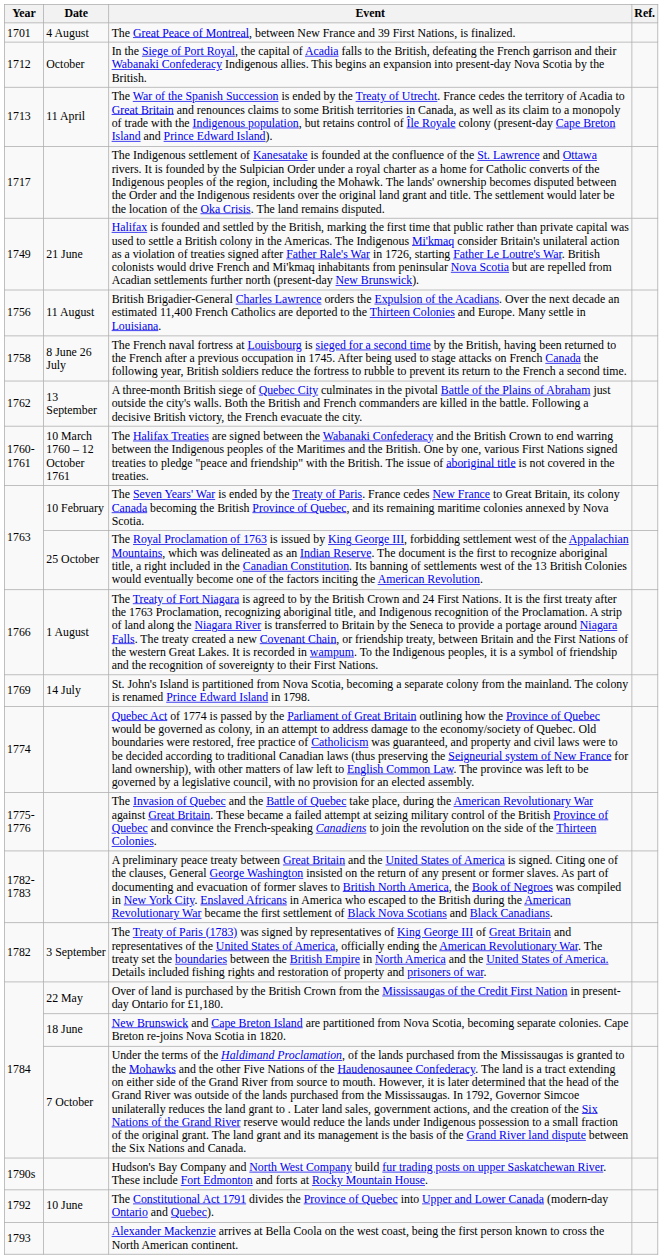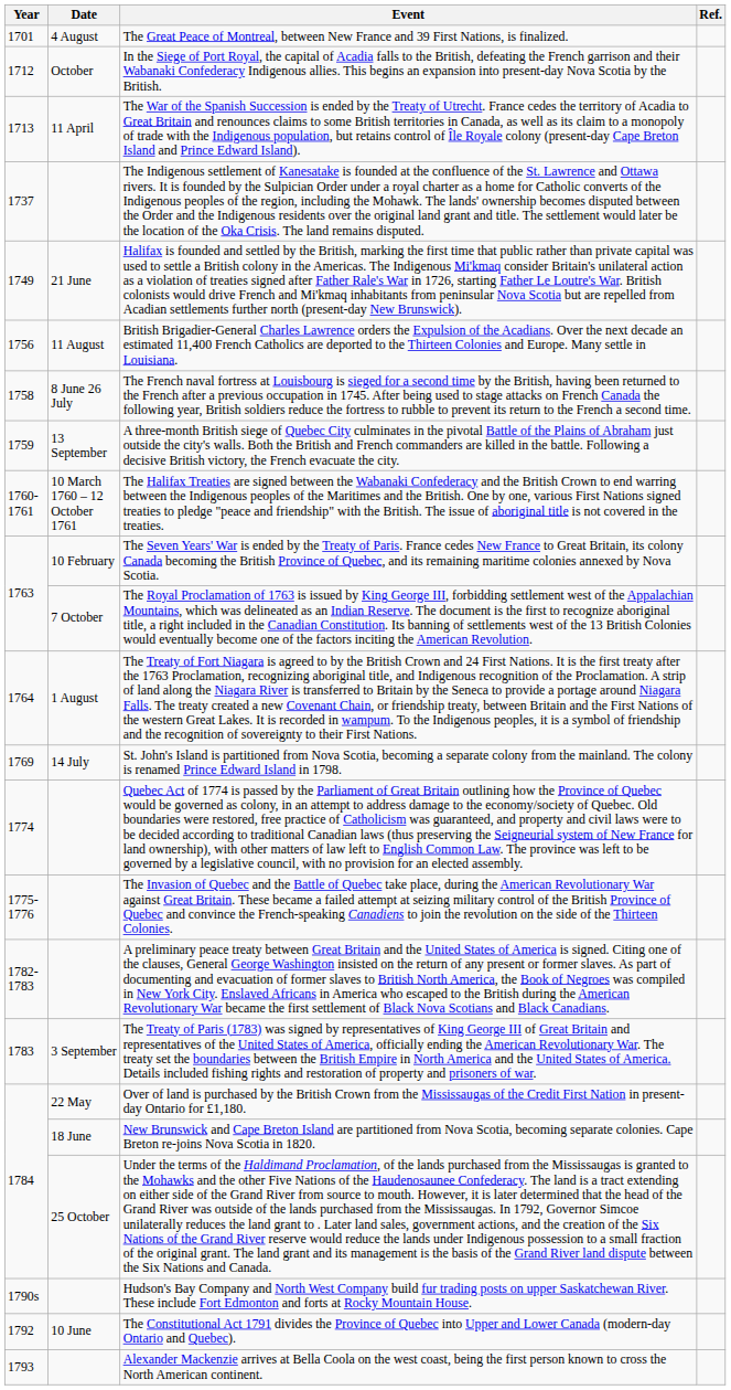 <table class="wikitable" width="100%">
 <tr>
 <th style="width:6%">Year</th>
 <th style="width:10%">Date</th>
 <th>Event</th>
 <th>Ref.</th>
 </tr>
 <tr>
 <td>1701</td>
 <td>4 August</td>
 <td>The <a href='#'>Great Peace of Montreal</a>, between New France and 39 First Nations, is finalized.</td>
 <td></td>
 </tr>
 <tr>
 <td>1712</td>
 <td>October</td>
 <td>In the <a href='#'>Siege of Port Royal</a>, the capital of <a href='#'>Acadia</a> falls to the British, defeating the French garrison and their <a href='#'>Wabanaki Confederacy</a> Indigenous allies. This begins an expansion into present-day Nova Scotia by the British.</td>
 <td></td>
 </tr>
 <tr>
 <td>1713</td>
 <td>11 April</td>
 <td>The <a href='#'>War of the Spanish Succession</a> is ended by the <a href='#'>Treaty of Utrecht</a>. France cedes the territory of Acadia to <a href='#'>Great Britain</a> and renounces claims to some British territories in Canada, as well as its claim to a monopoly of trade with the <a href='#'>Indigenous population</a>, but retains control of <a href='#'>Île Royale</a> colony (present-day <a href='#'>Cape Breton Island</a> and <a href='#'>Prince Edward Island</a>).</td>
 <td></td>
 </tr>
 <tr>
-<td>1717</td>
+<td>1737</td>
 <td></td>
 <td>The Indigenous settlement of <a href='#'>Kanesatake</a> is founded at the confluence of the <a href='#'>St. Lawrence</a> and <a href='#'>Ottawa</a> rivers. It is founded by the Sulpician Order under a royal charter as a home for Catholic converts of the Indigenous peoples of the region, including the Mohawk. The lands' ownership becomes disputed between the Order and the Indigenous residents over the original land grant and title. The settlement would later be the location of the <a href='#'>Oka Crisis</a>. The land remains disputed.</td>
 <td></td>
 </tr>
 <tr>
 <td>1749</td>
 <td>21 June</td>
 <td><a href='#'>Halifax</a> is founded and settled by the British, marking the first time that public rather than private capital was used to settle a British colony in the Americas. The Indigenous <a href='#'>Mi'kmaq</a> consider Britain's unilateral action as a violation of treaties signed after <a href='#'>Father Rale's War</a> in 1726, starting <a href='#'>Father Le Loutre's War</a>. British colonists would drive French and Mi'kmaq inhabitants from peninsular <a href='#'>Nova Scotia</a> but are repelled from Acadian settlements further north (present-day <a href='#'>New Brunswick</a>).</td>
 <td></td>
 </tr>
 <tr>
 <td>1756</td>
 <td>11 August</td>
 <td>British Brigadier-General <a href='#'>Charles Lawrence</a> orders the <a href='#'>Expulsion of the Acadians</a>. Over the next decade an estimated 11,400 French Catholics are deported to the <a href='#'>Thirteen Colonies</a> and Europe. Many settle in <a href='#'>Louisiana</a>.</td>
 <td></td>
 </tr>
 <tr>
 <td>1758</td>
 <td>8 June  26 July</td>
 <td>The French naval fortress at <a href='#'>Louisbourg</a> is <a href='#'>sieged for a second time</a> by the British, having been returned to the French after a previous occupation in 1745. After being used to stage attacks on French <a href='#'>Canada</a> the following year, British soldiers reduce the fortress to rubble to prevent its return to the French a second time.</td>
 <td></td>
 </tr>
 <tr>
-<td>1762</td>
+<td>1759</td>
 <td>13 September</td>
 <td>A three-month British siege of <a href='#'>Quebec City</a> culminates in the pivotal <a href='#'>Battle of the Plains of Abraham</a> just outside the city's walls. Both the British and French commanders are killed in the battle. Following a decisive British victory, the French evacuate the city.</td>
 <td></td>
 </tr>
 <tr>
 <td>1760-1761</td>
 <td>10 March 1760 – 12 October 1761</td>
 <td>The <a href='#'>Halifax Treaties</a> are signed between the <a href='#'>Wabanaki Confederacy</a> and the British Crown to end warring between the Indigenous peoples of the Maritimes and the British. One by one, various First Nations signed treaties to pledge "peace and friendship" with the British. The issue of <a href='#'>aboriginal title</a> is not covered in the treaties.</td>
 <td></td>
 </tr>
 <tr>
 <td rowspan="2">1763</td>
 <td>10 February</td>
 <td>The <a href='#'>Seven Years' War</a> is ended by the <a href='#'>Treaty of Paris</a>. France cedes <a href='#'>New France</a> to Great Britain, its colony <a href='#'>Canada</a> becoming the British <a href='#'>Province of Quebec</a>, and its remaining maritime colonies annexed by Nova Scotia.</td>
 <td></td>
 </tr>
 <tr>
-<td>25 October</td>
+<td>7 October</td>
 <td>The <a href='#'>Royal Proclamation of 1763</a> is issued by <a href='#'>King George III</a>, forbidding settlement west of the <a href='#'>Appalachian Mountains</a>, which was delineated as an <a href='#'>Indian Reserve</a>. The document is the first to recognize aboriginal title, a right included in the <a href='#'>Canadian Constitution</a>. Its banning of settlements west of the 13 British Colonies would eventually become one of the factors inciting the <a href='#'>American Revolution</a>.</td>
 <td></td>
 </tr>
 <tr>
-<td>1766</td>
+<td>1764</td>
 <td>1 August</td>
 <td>The <a href='#'>Treaty of Fort Niagara</a> is agreed to by the British Crown and 24 First Nations. It is the first treaty after the 1763 Proclamation, recognizing aboriginal title, and Indigenous recognition of the Proclamation. A strip of land along the <a href='#'>Niagara River</a> is transferred to Britain by the Seneca to provide a portage around <a href='#'>Niagara Falls</a>. The treaty created a new <a href='#'>Covenant Chain</a>, or friendship treaty, between Britain and the First Nations of the western Great Lakes. It is recorded in <a href='#'>wampum</a>. To the Indigenous peoples, it is a symbol of friendship and the recognition of sovereignty to their First Nations.</td>
 <td></td>
 </tr>
 <tr>
 <td>1769</td>
 <td>14 July</td>
 <td>St. John's Island is partitioned from Nova Scotia, becoming a separate colony from the mainland. The colony is renamed <a href='#'>Prince Edward Island</a> in 1798.</td>
 <td></td>
 </tr>
 <tr>
 <td>1774</td>
 <td></td>
 <td><a href='#'>Quebec Act</a> of 1774 is passed by the <a href='#'>Parliament of Great Britain</a> outlining how the <a href='#'>Province of Quebec</a> would be governed as colony, in an attempt to address damage to the economy/society of Quebec. Old boundaries were restored, free practice of <a href='#'>Catholicism</a> was guaranteed, and property and civil laws were to be decided according to traditional Canadian laws (thus preserving the <a href='#'>Seigneurial system of New France</a> for land ownership), with other matters of law left to <a href='#'>English Common Law</a>. The province was left to be governed by a legislative council, with no provision for an elected assembly.</td>
 <td></td>
 </tr>
 <tr>
 <td>1775-1776</td>
 <td></td>
 <td>The <a href='#'>Invasion of Quebec</a> and the <a href='#'>Battle of Quebec</a> take place, during the <a href='#'>American Revolutionary War</a> against <a href='#'>Great Britain</a>. These became a failed attempt at seizing military control of the British <a href='#'>Province of Quebec</a> and convince the French-speaking <em><a href='#'>Canadiens</a></em> to join the revolution on the side of the <a href='#'>Thirteen Colonies</a>.</td>
 <td></td>
 </tr>
 <tr>
 <td>1782-1783</td>
 <td></td>
 <td>A preliminary peace treaty between <a href='#'>Great Britain</a> and the <a href='#'>United States of America</a> is signed. Citing one of the clauses, General <a href='#'>George Washington</a> insisted on the return of any present or former slaves. As part of documenting and evacuation of former slaves to <a href='#'>British North America</a>, the <a href='#'>Book of Negroes</a> was compiled in <a href='#'>New York City</a>. <a href='#'>Enslaved Africans</a> in America who escaped to the British during the <a href='#'>American Revolutionary War</a> became the first settlement of <a href='#'>Black Nova Scotians</a> and <a href='#'>Black Canadians</a>.</td>
 <td></td>
 </tr>
 <tr>
-<td>1782</td>
+<td>1783</td>
 <td>3 September</td>
 <td>The <a href='#'>Treaty of Paris (1783)</a> was signed by representatives of <a href='#'>King George III</a> of <a href='#'>Great Britain</a> and representatives of the <a href='#'>United States of America</a>, officially ending the <a href='#'>American Revolutionary War</a>. The treaty set the <a href='#'>boundaries</a> between the <a href='#'>British Empire</a> in <a href='#'>North America</a> and the <a href='#'>United States of America.</a> Details included fishing rights and restoration of property and <a href='#'>prisoners of war</a>.</td>
 <td></td>
 </tr>
 <tr>
 <td rowspan="3">1784</td>
 <td>22 May</td>
 <td>Over  of land is purchased by the British Crown from the <a href='#'>Mississaugas of the Credit First Nation</a> in present-day Ontario for £1,180.</td>
 <td></td>
 </tr>
 <tr>
 <td>18 June</td>
 <td><a href='#'>New Brunswick</a> and <a href='#'>Cape Breton Island</a> are partitioned from Nova Scotia, becoming separate colonies. Cape Breton re-joins Nova Scotia in 1820.</td>
 <td></td>
 </tr>
 <tr>
-<td>7 October</td>
+<td>25 October</td>
 <td>Under the terms of the <em><a href='#'>Haldimand Proclamation</a></em>,  of the lands purchased from the Mississaugas is granted to the <a href='#'>Mohawks</a> and the other Five Nations of the <a href='#'>Haudenosaunee Confederacy</a>. The land is a tract extending  on either side of the Grand River from source to mouth. However, it is later determined that the head of the Grand River was outside of the lands purchased from the Mississaugas. In 1792, Governor Simcoe unilaterally reduces the land grant to . Later land sales, government actions, and the creation of the <a href='#'>Six Nations of the Grand River</a> reserve would reduce the lands under Indigenous possession to a small fraction of the original grant. The land grant and its management is the basis of the <a href='#'>Grand River land dispute</a> between the Six Nations and Canada.</td>
 <td></td>
 </tr>
 <tr>
 <td>1790s</td>
 <td></td>
 <td>Hudson's Bay Company and <a href='#'>North West Company</a> build <a href='#'>fur trading posts on upper Saskatchewan River</a>. These include <a href='#'>Fort Edmonton</a> and forts at <a href='#'>Rocky Mountain House</a>.</td>
 <td></td>
 </tr>
 <tr>
 <td>1792</td>
 <td>10 June</td>
 <td>The <a href='#'>Constitutional Act 1791</a> divides the <a href='#'>Province of Quebec</a> into <a href='#'>Upper and Lower Canada</a> (modern-day <a href='#'>Ontario</a> and <a href='#'>Quebec</a>).</td>
 <td></td>
 </tr>
 <tr>
 <td>1793</td>
 <td></td>
 <td><a href='#'>Alexander Mackenzie</a> arrives at Bella Coola on the west coast, being the first person known to cross the North American continent.</td>
 <td></td>
 </tr>
 </table>
